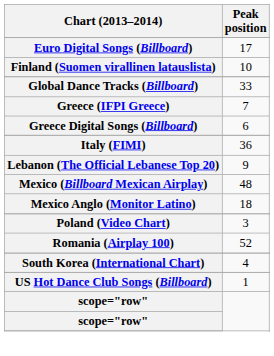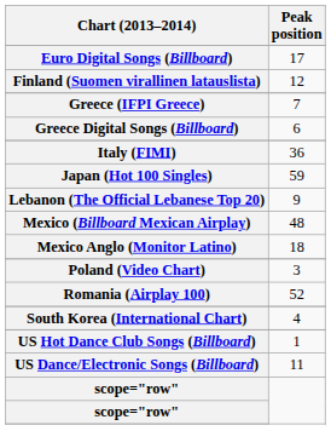 <table class="wikitable sortable plainrowheaders">
 <tr>
 <th>Chart (2013–2014)</th>
 <th>Peak<br>position</th>
 </tr>
 <tr>
 </tr>
 <tr>
 </tr>
 <tr>
 </tr>
 <tr>
 </tr>
 <tr>
 </tr>
 <tr>
 </tr>
 <tr>
 </tr>
 <tr>
 </tr>
 <tr>
 <th scope="row"><a href='#'>Euro Digital Songs</a> (<em><a href='#'>Billboard</a></em>)</th>
 <td align="center">17</td>
 </tr>
 <tr>
 <th scope="row">Finland (<a href='#'>Suomen virallinen latauslista</a>)</th>
-<td style="text-align:center;">10</td>
+<td style="text-align:center;">12</td>
 </tr>
 <tr>
 </tr>
 <tr>
-</tr>
-<tr>
-<th scope="row">Global Dance Tracks (<em><a href='#'>Billboard</a></em>)</th>
-<td style="text-align:center;">33</td>
 </tr>
 <tr>
 <th scope="row">Greece (<a href='#'>IFPI Greece</a>)</th>
 <td style="text-align:center;">7</td>
 </tr>
 <tr>
 <th scope="row">Greece Digital Songs (<em><a href='#'>Billboard</a></em>)</th>
 <td align="center">6</td>
 </tr>
 <tr>
 </tr>
 <tr>
 </tr>
 <tr>
 </tr>
 <tr>
 </tr>
 <tr>
 <th scope="row">Italy (<a href='#'>FIMI</a>)</th>
 <td style="text-align:center;">36</td>
+</tr>
+<tr>
+<th scope="row">Japan (<a href='#'>Hot 100 Singles</a>)</th>
+<td style="text-align:center;">59</td>
 </tr>
 <tr>
 <th scope="row">Lebanon (<a href='#'>The Official Lebanese Top 20</a>)</th>
 <td style="text-align:center;">9</td>
 </tr>
 <tr>
 <th scope="row">Mexico (<a href='#'><em>Billboard</em> Mexican Airplay</a>)</th>
 <td align="center">48</td>
 </tr>
 <tr>
 <th scope="row">Mexico Anglo (<a href='#'>Monitor Latino</a>)</th>
 <td style="text-align:center;">18</td>
 </tr>
 <tr>
 </tr>
 <tr>
 </tr>
 <tr>
 <th scope="row">Poland (<a href='#'>Video Chart</a>)</th>
 <td align=center>3</td>
 </tr>
 <tr>
 <th scope="row">Romania (<a href='#'>Airplay 100</a>)</th>
 <td style="text-align:center;">52</td>
 </tr>
 <tr>
 </tr>
 <tr>
 </tr>
 <tr>
 <th scope="row">South Korea (<a href='#'>International Chart</a>)</th>
 <td style="text-align:center;">4</td>
 </tr>
 <tr>
 </tr>
 <tr>
 </tr>
 <tr>
 </tr>
 <tr>
 </tr>
 <tr>
 </tr>
 <tr>
 </tr>
 <tr>
 </tr>
 <tr>
 <th scope="row">US <a href='#'>Hot Dance Club Songs</a> (<em><a href='#'>Billboard</a></em>)</th>
 <td style="text-align:center;">1</td>
 </tr>
 <tr>
+<th scope="row">US <a href='#'>Dance/Electronic Songs</a> (<em><a href='#'>Billboard</a></em>) </th>
+<td style="text-align:center;">11</td>
+</tr>
+<tr>
 <th>scope="row"</th>
 </tr>
 <tr>
 <th>scope="row"</th>
 </tr>
 <tr>
 </tr>
 </table>
